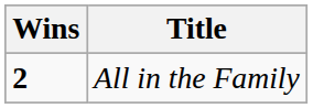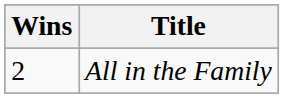 <table class="wikitable">
 <tr>
 <th>Wins</th>
 <th>Title</th>
 </tr>
 <tr>
-<td><strong>2</strong></td>
+<td>2</td>
 <td><em>All in the Family</em></td>
 </tr>
 </table>
